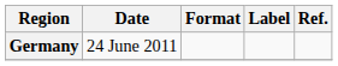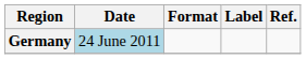 <table class="wikitable plainrowheaders">
 <tr>
 <th scope="col">Region</th>
 <th scope="col">Date</th>
 <th scope="col">Format</th>
 <th scope="col">Label</th>
 <th scope="col">Ref.</th>
 </tr>
 <tr>
 <th scope="row">Germany</th>
-<td>24 June 2011</td>
+<td style="background: lightblue;">24 June 2011</td>
 <td></td>
 <td></td>
 <td></td>
 </tr>
 <tr>
 </tr>
 </table>
